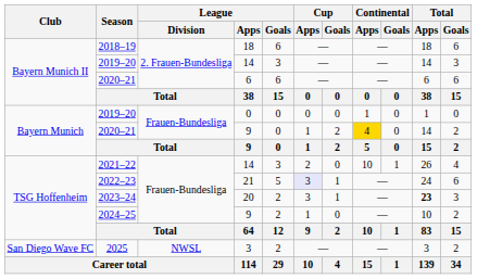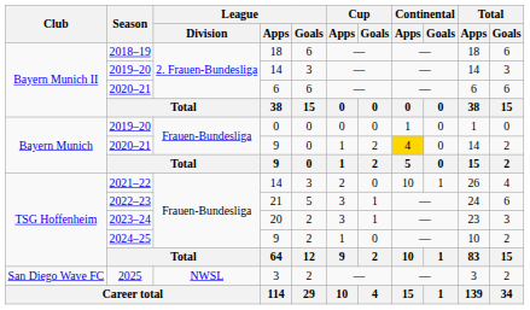 <table class="wikitable" style="text-align: center;">
 <tr>
 <th rowspan="2">Club</th>
 <th rowspan="2">Season</th>
 <th colspan="3">League</th>
 <th colspan="2">Cup</th>
 <th colspan="2">Continental</th>
 <th colspan="2">Total</th>
 </tr>
 <tr>
 <th>Division</th>
 <th>Apps</th>
 <th>Goals</th>
 <th>Apps</th>
 <th>Goals</th>
 <th>Apps</th>
 <th>Goals</th>
 <th>Apps</th>
 <th>Goals</th>
 </tr>
 <tr>
 <td rowspan="4"><a href='#'>Bayern Munich II</a></td>
 <td><a href='#'>2018–19</a></td>
 <td rowspan="3"><a href='#'>2. Frauen-Bundesliga</a></td>
 <td>18</td>
 <td>6</td>
 <td colspan="2">—</td>
 <td colspan="2">—</td>
 <td>18</td>
 <td>6</td>
 </tr>
 <tr>
 <td><a href='#'>2019–20</a></td>
 <td>14</td>
 <td>3</td>
 <td colspan="2">—</td>
 <td colspan="2">—</td>
 <td>14</td>
 <td>3</td>
 </tr>
 <tr>
 <td><a href='#'>2020–21</a></td>
 <td>6</td>
 <td>6</td>
 <td colspan="2">—</td>
 <td colspan="2">—</td>
 <td>6</td>
 <td>6</td>
 </tr>
 <tr>
 <th colspan="2">Total</th>
 <th>38</th>
 <th>15</th>
 <th>0</th>
 <th>0</th>
 <th>0</th>
 <th>0</th>
 <th>38</th>
 <th>15</th>
 </tr>
 <tr>
 <td rowspan="3"><a href='#'>Bayern Munich</a></td>
 <td><a href='#'>2019–20</a></td>
 <td rowspan="2"><a href='#'>Frauen-Bundesliga</a></td>
 <td>0</td>
 <td>0</td>
 <td>0</td>
 <td>0</td>
 <td>1</td>
 <td>0</td>
 <td>1</td>
 <td>0</td>
 </tr>
 <tr>
 <td><a href='#'>2020–21</a></td>
 <td>9</td>
 <td>0</td>
 <td>1</td>
 <td>2</td>
 <td style="background: gold;">4</td>
 <td>0</td>
 <td>14</td>
 <td>2</td>
 </tr>
 <tr>
 <th colspan="2">Total</th>
 <th>9</th>
 <th>0</th>
 <th>1</th>
 <th>2</th>
 <th>5</th>
 <th>0</th>
 <th>15</th>
 <th>2</th>
 </tr>
 <tr>
 <td rowspan="5"><a href='#'>TSG Hoffenheim</a></td>
 <td><a href='#'>2021–22</a></td>
 <td rowspan="4">Frauen-Bundesliga</td>
 <td>14</td>
 <td>3</td>
 <td>2</td>
 <td>0</td>
 <td>10</td>
 <td>1</td>
 <td>26</td>
 <td>4</td>
 </tr>
 <tr>
 <td><a href='#'>2022–23</a></td>
 <td>21</td>
 <td>5</td>
-<td style="background: lavender;">3</td>
+<td>3</td>
 <td>1</td>
 <td colspan="2">—</td>
 <td>24</td>
 <td>6</td>
 </tr>
 <tr>
 <td><a href='#'>2023–24</a></td>
 <td>20</td>
 <td>2</td>
 <td>3</td>
 <td>1</td>
 <td colspan="2">—</td>
-<td><strong>23</strong></td>
+<td>23</td>
 <td>3</td>
 </tr>
 <tr>
 <td><a href='#'>2024–25</a></td>
 <td>9</td>
 <td>2</td>
 <td>1</td>
 <td>0</td>
 <td colspan="2">—</td>
 <td>10</td>
 <td>2</td>
 </tr>
 <tr>
 <th colspan="2">Total</th>
 <th>64</th>
 <th>12</th>
 <th>9</th>
 <th>2</th>
 <th>10</th>
 <th>1</th>
 <th>83</th>
 <th>15</th>
 </tr>
 <tr>
 <td><a href='#'>San Diego Wave FC</a></td>
 <td><a href='#'>2025</a></td>
 <td><a href='#'>NWSL</a></td>
 <td>3</td>
 <td>2</td>
 <td colspan="2">—</td>
 <td colspan="2">—</td>
 <td>3</td>
 <td>2</td>
 </tr>
 <tr>
 <th colspan="3">Career total</th>
 <th>114</th>
 <th>29</th>
 <th>10</th>
 <th>4</th>
 <th>15</th>
 <th>1</th>
 <th>139</th>
 <th>34</th>
 </tr>
 </table>
